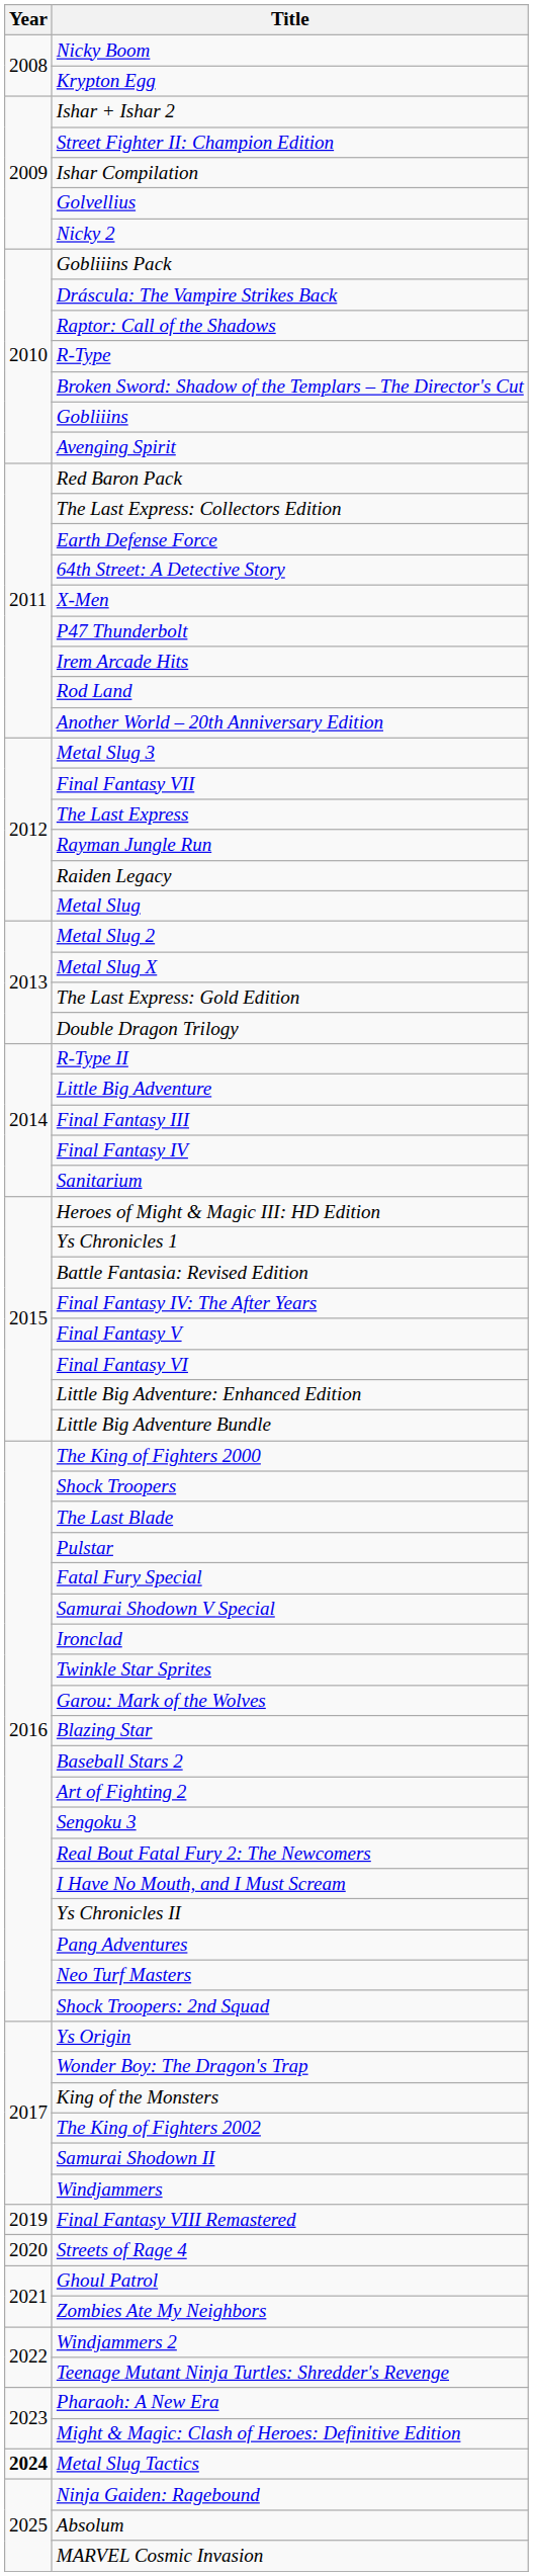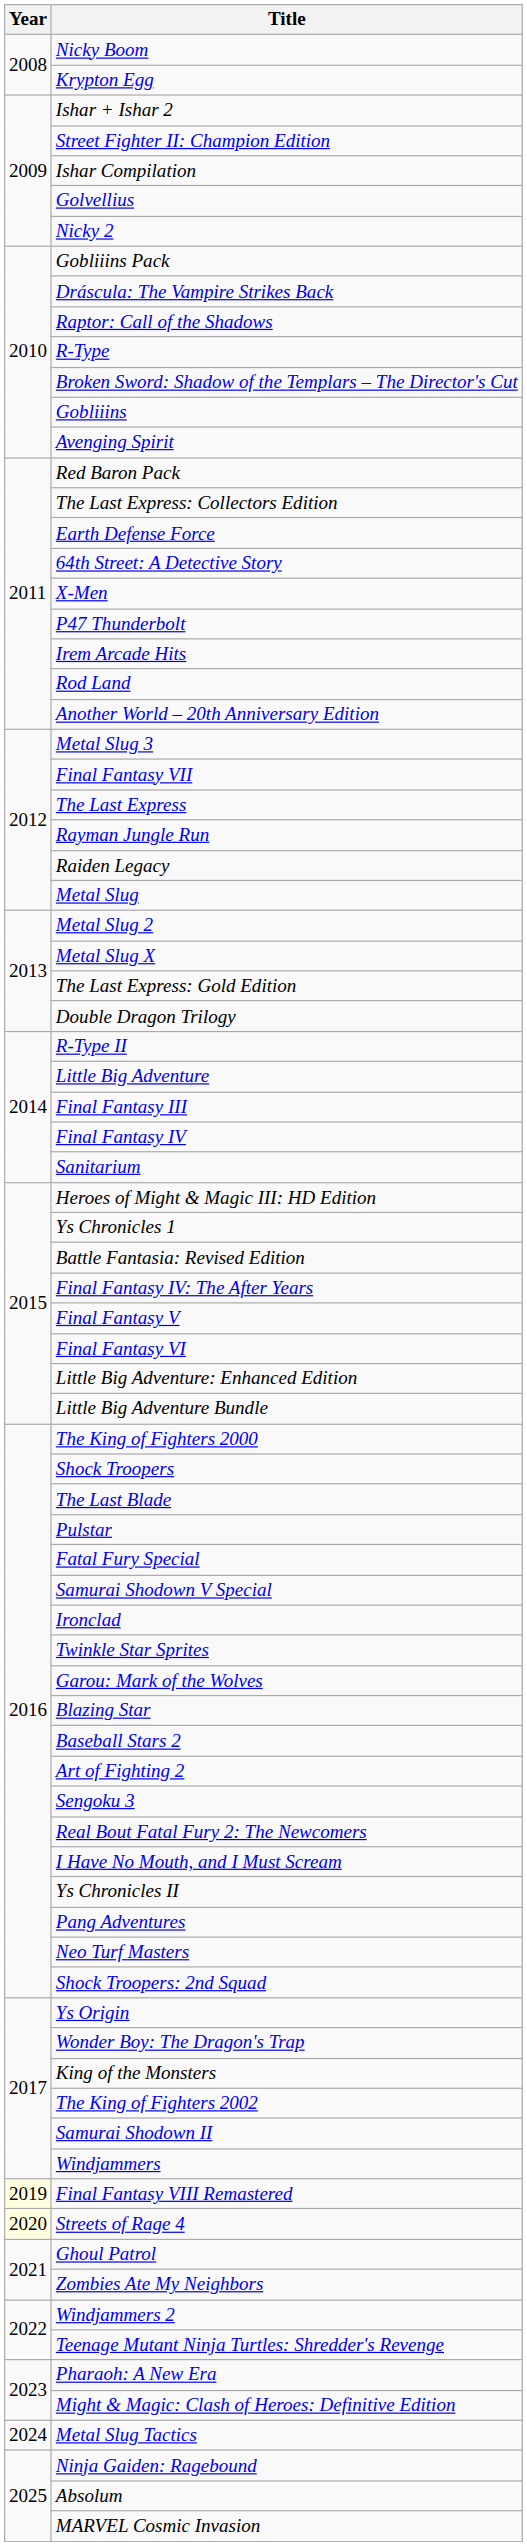 <table class="wikitable sortable">
 <tr>
 <th>Year</th>
 <th>Title</th>
 </tr>
 <tr>
 <td rowspan="2">2008</td>
 <td><em><a href='#'>Nicky Boom</a></em></td>
 </tr>
 <tr>
 <td><em><a href='#'>Krypton Egg</a></em></td>
 </tr>
 <tr>
 <td rowspan="5">2009</td>
 <td><em>Ishar + Ishar 2</em></td>
 </tr>
 <tr>
 <td><em><a href='#'>Street Fighter II: Champion Edition</a></em></td>
 </tr>
 <tr>
 <td><em>Ishar Compilation</em></td>
 </tr>
 <tr>
 <td><em><a href='#'>Golvellius</a></em></td>
 </tr>
 <tr>
 <td><em><a href='#'>Nicky 2</a></em></td>
 </tr>
 <tr>
 <td rowspan="7">2010</td>
 <td><em>Gobliiins Pack</em></td>
 </tr>
 <tr>
 <td><em><a href='#'>Dráscula: The Vampire Strikes Back</a></em></td>
 </tr>
 <tr>
 <td><em><a href='#'>Raptor: Call of the Shadows</a></em></td>
 </tr>
 <tr>
 <td><em><a href='#'>R-Type</a></em></td>
 </tr>
 <tr>
 <td><em><a href='#'>Broken Sword: Shadow of the Templars – The Director's Cut</a></em></td>
 </tr>
 <tr>
 <td><em><a href='#'>Gobliiins</a></em></td>
 </tr>
 <tr>
 <td><em><a href='#'>Avenging Spirit</a></em></td>
 </tr>
 <tr>
 <td rowspan="9">2011</td>
 <td><em>Red Baron Pack</em></td>
 </tr>
 <tr>
 <td><em>The Last Express: Collectors Edition</em></td>
 </tr>
 <tr>
 <td><em><a href='#'>Earth Defense Force</a></em></td>
 </tr>
 <tr>
 <td><em><a href='#'>64th Street: A Detective Story</a></em></td>
 </tr>
 <tr>
 <td><em><a href='#'>X-Men</a></em></td>
 </tr>
 <tr>
 <td><em><a href='#'>P47 Thunderbolt</a></em></td>
 </tr>
 <tr>
 <td><em><a href='#'>Irem Arcade Hits</a></em></td>
 </tr>
 <tr>
 <td><em><a href='#'>Rod Land</a></em></td>
 </tr>
 <tr>
 <td><em><a href='#'>Another World – 20th Anniversary Edition</a></em></td>
 </tr>
 <tr>
 <td rowspan="6">2012</td>
 <td><em><a href='#'>Metal Slug 3</a></em></td>
 </tr>
 <tr>
 <td><em><a href='#'>Final Fantasy VII</a></em></td>
 </tr>
 <tr>
 <td><em><a href='#'>The Last Express</a></em></td>
 </tr>
 <tr>
 <td><em><a href='#'>Rayman Jungle Run</a></em></td>
 </tr>
 <tr>
 <td><em>Raiden Legacy</em></td>
 </tr>
 <tr>
 <td><em><a href='#'>Metal Slug</a></em></td>
 </tr>
 <tr>
 <td rowspan="4">2013</td>
 <td><em><a href='#'>Metal Slug 2</a></em></td>
 </tr>
 <tr>
 <td><em><a href='#'>Metal Slug X</a></em></td>
 </tr>
 <tr>
 <td><em>The Last Express: Gold Edition</em></td>
 </tr>
 <tr>
 <td><em>Double Dragon Trilogy</em></td>
 </tr>
 <tr>
 <td rowspan="5">2014</td>
 <td><em><a href='#'>R-Type II</a></em></td>
 </tr>
 <tr>
 <td><em><a href='#'>Little Big Adventure</a></em></td>
 </tr>
 <tr>
 <td><em><a href='#'>Final Fantasy III</a></em></td>
 </tr>
 <tr>
 <td><em><a href='#'>Final Fantasy IV</a></em></td>
 </tr>
 <tr>
 <td><em><a href='#'>Sanitarium</a></em></td>
 </tr>
 <tr>
 <td rowspan="8">2015</td>
 <td><em>Heroes of Might & Magic III: HD Edition</em></td>
 </tr>
 <tr>
 <td><em>Ys Chronicles 1</em></td>
 </tr>
 <tr>
 <td><em>Battle Fantasia: Revised Edition</em></td>
 </tr>
 <tr>
 <td><em><a href='#'>Final Fantasy IV: The After Years</a></em></td>
 </tr>
 <tr>
 <td><em><a href='#'>Final Fantasy V</a></em></td>
 </tr>
 <tr>
 <td><em><a href='#'>Final Fantasy VI</a></em></td>
 </tr>
 <tr>
 <td><em>Little Big Adventure: Enhanced Edition</em></td>
 </tr>
 <tr>
 <td><em>Little Big Adventure Bundle</em></td>
 </tr>
 <tr>
 <td rowspan="19">2016</td>
 <td><em><a href='#'>The King of Fighters 2000</a></em></td>
 </tr>
 <tr>
 <td><em><a href='#'>Shock Troopers</a></em></td>
 </tr>
 <tr>
 <td><em><a href='#'>The Last Blade</a></em></td>
 </tr>
 <tr>
 <td><em><a href='#'>Pulstar</a></em></td>
 </tr>
 <tr>
 <td><em><a href='#'>Fatal Fury Special</a></em></td>
 </tr>
 <tr>
 <td><em><a href='#'>Samurai Shodown V Special</a></em></td>
 </tr>
 <tr>
 <td><em><a href='#'>Ironclad</a></em></td>
 </tr>
 <tr>
 <td><em><a href='#'>Twinkle Star Sprites</a></em></td>
 </tr>
 <tr>
 <td><em><a href='#'>Garou: Mark of the Wolves</a></em></td>
 </tr>
 <tr>
 <td><em><a href='#'>Blazing Star</a></em></td>
 </tr>
 <tr>
 <td><em><a href='#'>Baseball Stars 2</a></em></td>
 </tr>
 <tr>
 <td><em><a href='#'>Art of Fighting 2</a></em></td>
 </tr>
 <tr>
 <td><em><a href='#'>Sengoku 3</a></em></td>
 </tr>
 <tr>
 <td><em><a href='#'>Real Bout Fatal Fury 2: The Newcomers</a></em></td>
 </tr>
 <tr>
 <td><em><a href='#'>I Have No Mouth, and I Must Scream</a></em></td>
 </tr>
 <tr>
 <td><em>Ys Chronicles II</em></td>
 </tr>
 <tr>
 <td><em><a href='#'>Pang Adventures</a></em></td>
 </tr>
 <tr>
 <td><em><a href='#'>Neo Turf Masters</a></em></td>
 </tr>
 <tr>
 <td><em><a href='#'>Shock Troopers: 2nd Squad</a></em></td>
 </tr>
 <tr>
 <td rowspan="6">2017</td>
 <td><em><a href='#'>Ys Origin</a></em></td>
 </tr>
 <tr>
 <td><em><a href='#'>Wonder Boy: The Dragon's Trap</a></em></td>
 </tr>
 <tr>
 <td><em>King of the Monsters</em></td>
 </tr>
 <tr>
 <td><em><a href='#'>The King of Fighters 2002</a></em></td>
 </tr>
 <tr>
 <td><em><a href='#'>Samurai Shodown II</a></em></td>
 </tr>
 <tr>
 <td><em><a href='#'>Windjammers</a></em></td>
 </tr>
 <tr>
-<td rowspan="1">2019</td>
+<td rowspan="1" style="background: lightyellow;">2019</td>
 <td><em><a href='#'>Final Fantasy VIII Remastered</a></em></td>
 </tr>
 <tr>
-<td rowspan="1">2020</td>
+<td rowspan="1" style="background: lightyellow;">2020</td>
 <td><em><a href='#'>Streets of Rage 4</a></em></td>
 </tr>
 <tr>
 <td rowspan="2">2021</td>
 <td><em><a href='#'>Ghoul Patrol</a></em></td>
 </tr>
 <tr>
 <td><em><a href='#'>Zombies Ate My Neighbors</a></em></td>
 </tr>
 <tr>
 <td rowspan="2">2022</td>
 <td><em><a href='#'>Windjammers 2</a></em></td>
 </tr>
 <tr>
 <td><em><a href='#'>Teenage Mutant Ninja Turtles: Shredder's Revenge</a></em></td>
 </tr>
 <tr>
 <td rowspan="2">2023</td>
 <td><em><a href='#'>Pharaoh: A New Era</a></em></td>
 </tr>
 <tr>
 <td><a href='#'><em>Might & Magic: Clash of Heroes: Definitive Edition</em></a></td>
 </tr>
 <tr>
-<td><strong>2024</strong></td>
+<td>2024</td>
 <td><em><a href='#'>Metal Slug Tactics</a></em></td>
 </tr>
 <tr>
 <td rowspan="3">2025</td>
 <td><em><a href='#'>Ninja Gaiden: Ragebound</a></em></td>
 </tr>
 <tr>
 <td><em>Absolum</em></td>
 </tr>
 <tr>
 <td><em>MARVEL Cosmic Invasion</em></td>
 </tr>
 </table>
